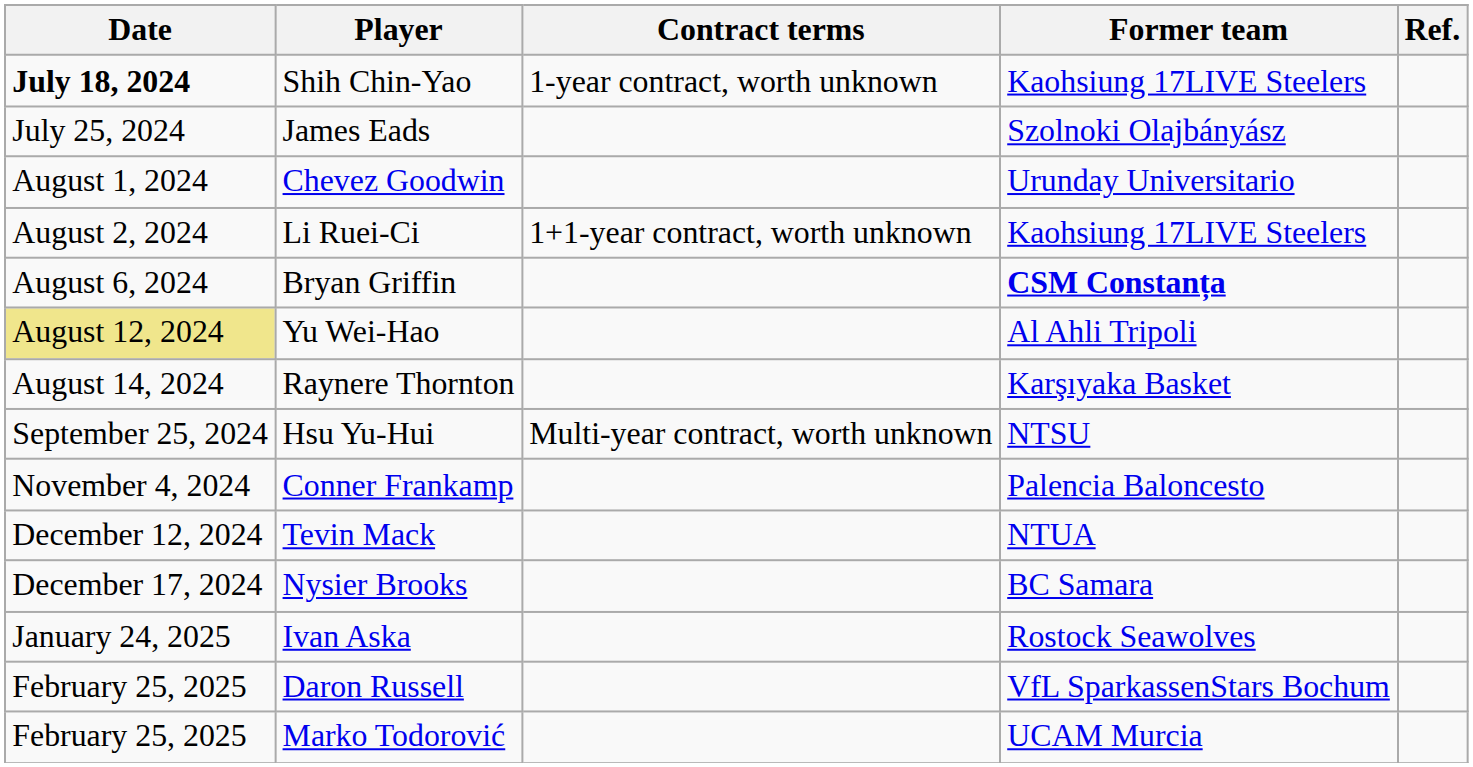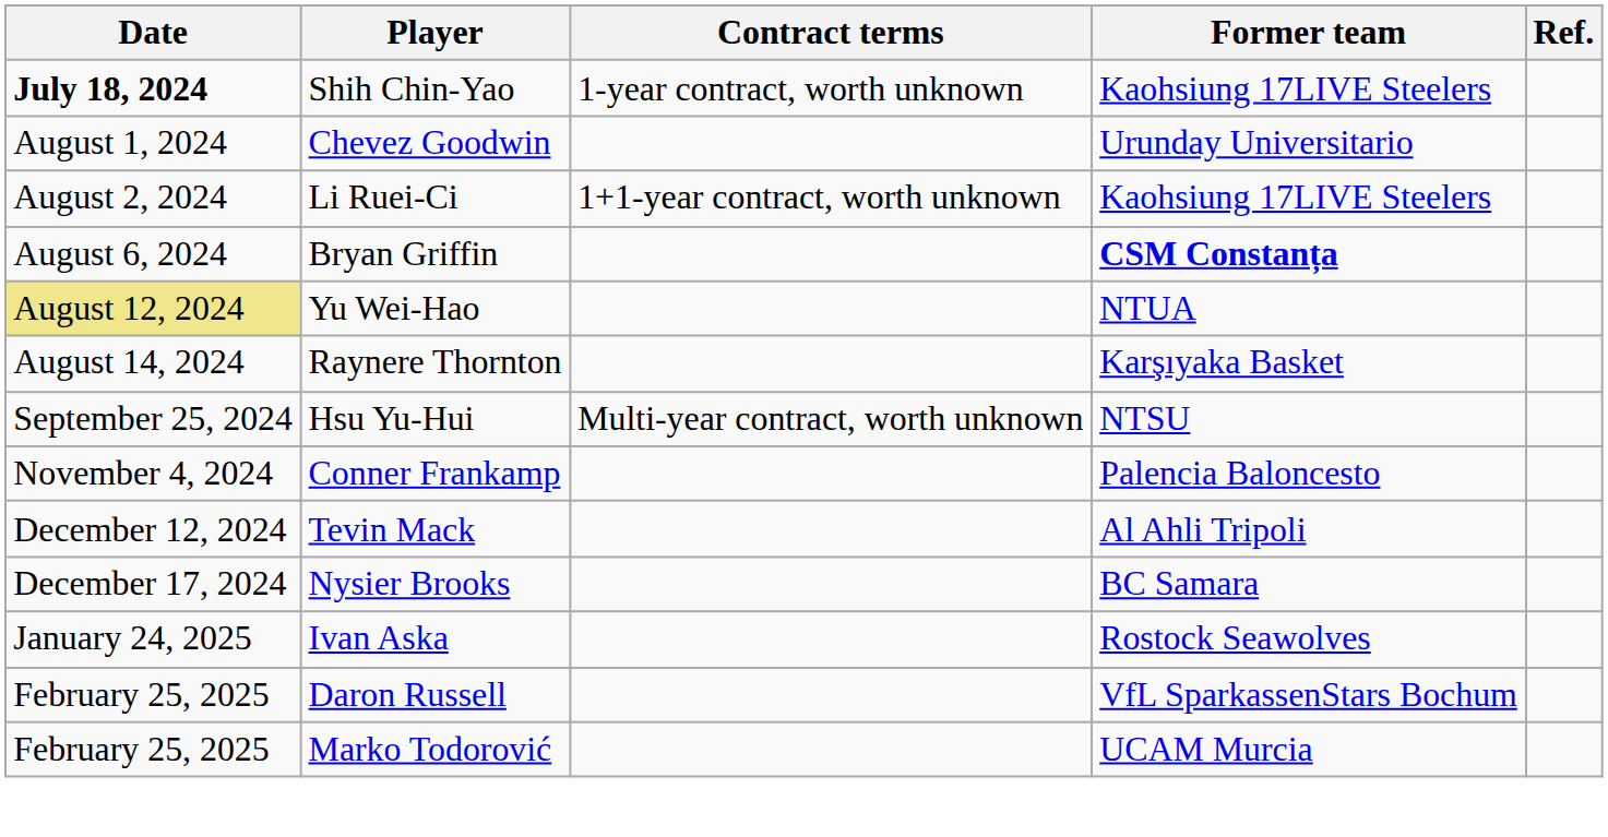 <table class="wikitable">
 <tr>
 <th>Date</th>
 <th>Player</th>
 <th>Contract terms</th>
 <th>Former team</th>
 <th>Ref.</th>
 </tr>
 <tr>
 <td><strong>July 18, 2024</strong></td>
 <td>Shih Chin-Yao</td>
 <td>1-year contract, worth unknown</td>
 <td> <a href='#'>Kaohsiung 17LIVE Steelers</a></td>
-<td></td>
-</tr>
-<tr>
-<td>July 25, 2024</td>
-<td>James Eads</td>
-<td></td>
-<td> <a href='#'>Szolnoki Olajbányász</a></td>
 <td></td>
 </tr>
 <tr>
 <td>August 1, 2024</td>
 <td><a href='#'>Chevez Goodwin</a></td>
 <td></td>
 <td> <a href='#'>Urunday Universitario</a></td>
 <td></td>
 </tr>
 <tr>
 <td>August 2, 2024</td>
 <td>Li Ruei-Ci</td>
 <td>1+1-year contract, worth unknown</td>
 <td> <a href='#'>Kaohsiung 17LIVE Steelers</a></td>
 <td></td>
 </tr>
 <tr>
 <td>August 6, 2024</td>
 <td>Bryan Griffin</td>
 <td></td>
 <td><strong> <a href='#'>CSM Constanța</a></strong></td>
 <td></td>
 </tr>
 <tr>
 <td style="background: khaki;">August 12, 2024</td>
 <td>Yu Wei-Hao</td>
 <td></td>
-<td> <a href='#'>Al Ahli Tripoli</a></td>
+<td> <a href='#'>NTUA</a></td>
 <td></td>
 </tr>
 <tr>
 <td>August 14, 2024</td>
 <td>Raynere Thornton</td>
 <td></td>
 <td> <a href='#'>Karşıyaka Basket</a></td>
 <td></td>
 </tr>
 <tr>
 <td>September 25, 2024</td>
 <td>Hsu Yu-Hui</td>
 <td>Multi-year contract, worth unknown</td>
 <td> <a href='#'>NTSU</a></td>
 <td></td>
 </tr>
 <tr>
 <td>November 4, 2024</td>
 <td><a href='#'>Conner Frankamp</a></td>
 <td></td>
 <td> <a href='#'>Palencia Baloncesto</a></td>
 <td></td>
 </tr>
 <tr>
 <td>December 12, 2024</td>
 <td><a href='#'>Tevin Mack</a></td>
 <td></td>
-<td> <a href='#'>NTUA</a></td>
+<td> <a href='#'>Al Ahli Tripoli</a></td>
 <td></td>
 </tr>
 <tr>
 <td>December 17, 2024</td>
 <td><a href='#'>Nysier Brooks</a></td>
 <td></td>
 <td> <a href='#'>BC Samara</a></td>
 <td></td>
 </tr>
 <tr>
 <td>January 24, 2025</td>
 <td><a href='#'>Ivan Aska</a></td>
 <td></td>
 <td> <a href='#'>Rostock Seawolves</a></td>
 <td></td>
 </tr>
 <tr>
 <td>February 25, 2025</td>
 <td><a href='#'>Daron Russell</a></td>
 <td></td>
 <td> <a href='#'>VfL SparkassenStars Bochum</a></td>
 <td></td>
 </tr>
 <tr>
 <td>February 25, 2025</td>
 <td><a href='#'>Marko Todorović</a></td>
 <td></td>
 <td> <a href='#'>UCAM Murcia</a></td>
 <td></td>
 </tr>
 </table>
